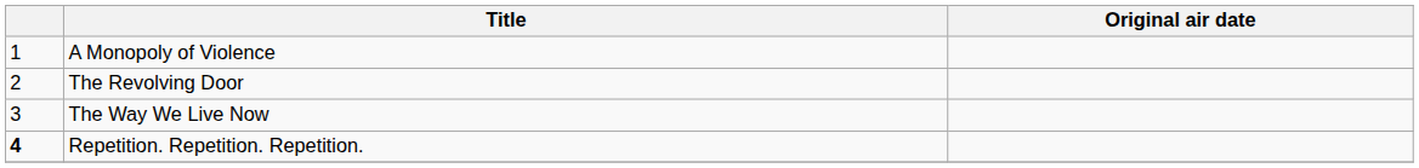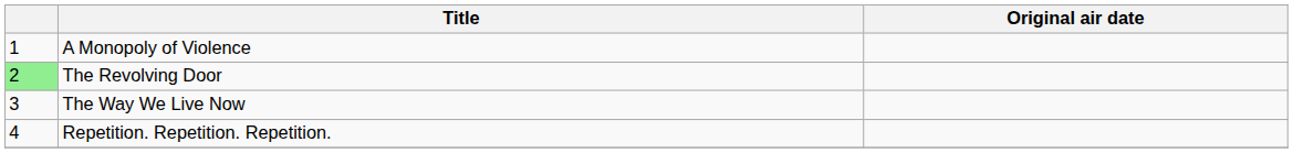 <table class="wikitable sortable" style="width:90%;">
 <tr>
 <th></th>
 <th>Title</th>
 <th>Original air date</th>
 </tr>
 <tr>
 <td>1</td>
 <td>A Monopoly of Violence</td>
 <td></td>
 </tr>
 <tr>
-<td>2</td>
+<td style="background: lightgreen;">2</td>
 <td>The Revolving Door</td>
 <td></td>
 </tr>
 <tr>
 <td>3</td>
 <td>The Way We Live Now</td>
 <td></td>
 </tr>
 <tr>
-<td><strong>4</strong></td>
+<td>4</td>
 <td>Repetition. Repetition. Repetition.</td>
 <td></td>
 </tr>
 <tr>
 </tr>
 </table>
